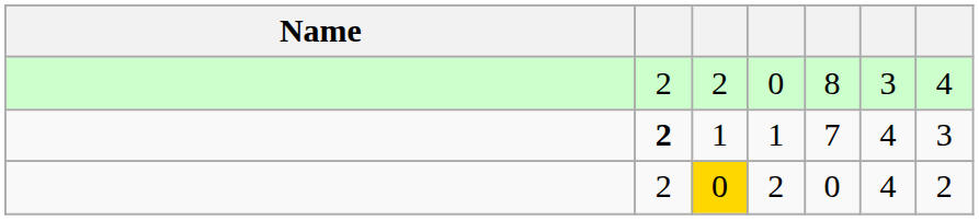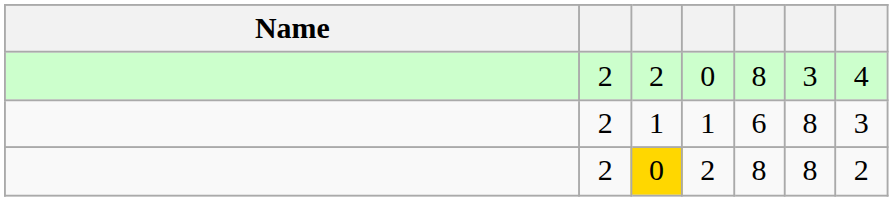 <table class=wikitable style="text-align:center">
 <tr>
 <th width=300>Name</th>
 <th width=20></th>
 <th width=20></th>
 <th width=20></th>
 <th width=20></th>
 <th width=20></th>
 <th width=20></th>
 </tr>
 <tr style="background-color:#ccffcc;">
 <td style="text-align:left;"></td>
 <td>2</td>
 <td>2</td>
 <td>0</td>
 <td>8</td>
 <td>3</td>
 <td>4</td>
 </tr>
 <tr>
 <td style="text-align:left;"></td>
-<td><strong>2</strong></td>
+<td>2</td>
 <td>1</td>
 <td>1</td>
-<td>7</td>
-<td>4</td>
+<td>6</td>
+<td>8</td>
 <td>3</td>
 </tr>
 <tr>
 <td style="text-align:left;"></td>
 <td>2</td>
 <td style="background: gold;">0</td>
 <td>2</td>
-<td>0</td>
-<td>4</td>
+<td>8</td>
+<td>8</td>
 <td>2</td>
 </tr>
 </table>
